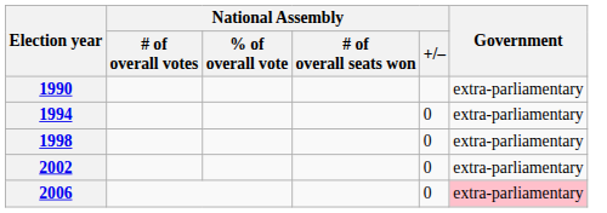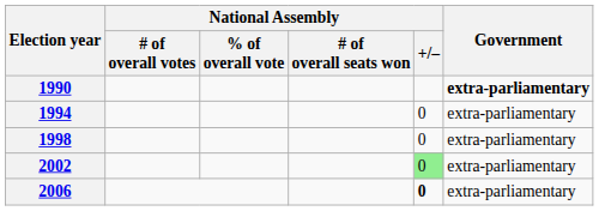 <table class=wikitable>
 <tr>
 <th rowspan=2>Election year</th>
 <th colspan=4>National Assembly</th>
 <th rowspan=2>Government</th>
 </tr>
 <tr>
 <th># of<br>overall votes</th>
 <th>% of<br>overall vote</th>
 <th># of<br>overall seats won</th>
 <th>+/–</th>
 </tr>
 <tr>
 <th><a href='#'>1990</a></th>
 <td></td>
 <td></td>
 <td></td>
 <td></td>
-<td>extra-parliamentary</td>
+<td><strong>extra-parliamentary</strong></td>
 </tr>
 <tr>
 <th><a href='#'>1994</a></th>
 <td></td>
 <td></td>
 <td></td>
 <td> 0</td>
 <td>extra-parliamentary</td>
 </tr>
 <tr>
 <th><a href='#'>1998</a></th>
 <td></td>
 <td></td>
 <td></td>
 <td> 0</td>
 <td>extra-parliamentary</td>
 </tr>
 <tr>
 <th><a href='#'>2002</a></th>
 <td></td>
 <td></td>
 <td></td>
-<td> 0</td>
+<td style="background: lightgreen;"> 0</td>
 <td>extra-parliamentary</td>
 </tr>
 <tr>
 <th><a href='#'>2006</a></th>
 <td colspan="2"></td>
 <td></td>
-<td> 0</td>
-<td style="background: pink;">extra-parliamentary</td>
+<td><strong> 0</strong></td>
+<td>extra-parliamentary</td>
 </tr>
 </table>
